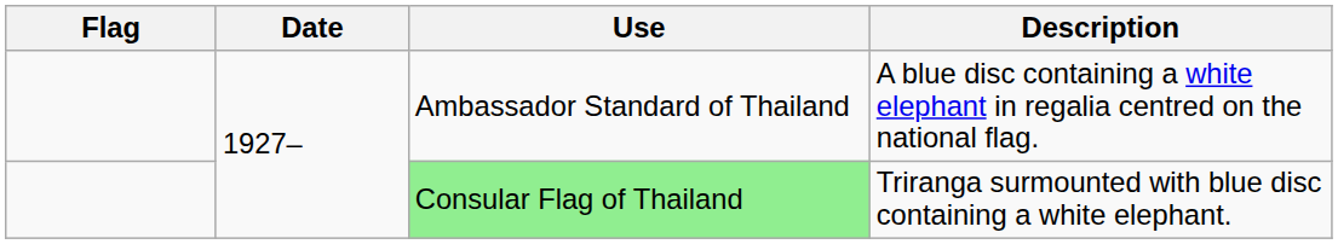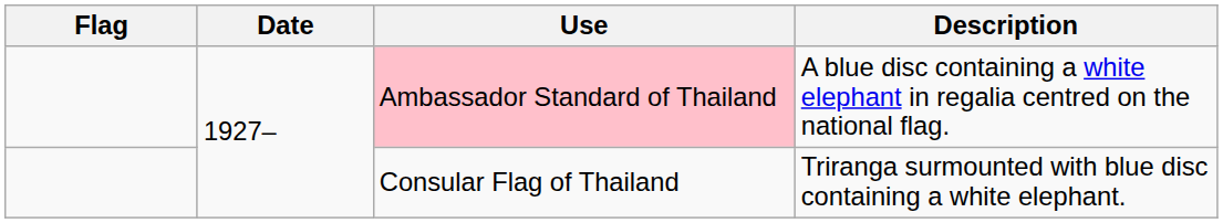 <table class="wikitable">
 <tr>
 <th width="110">Flag</th>
 <th width="100">Date</th>
 <th width="250">Use</th>
 <th width="250">Description</th>
 </tr>
 <tr>
 <td></td>
 <td rowspan="2">1927–</td>
-<td>Ambassador Standard of Thailand</td>
+<td style="background: pink;">Ambassador Standard of Thailand</td>
 <td>A blue disc containing a <a href='#'>white elephant</a> in regalia centred on the national flag.</td>
 </tr>
 <tr>
 <td></td>
-<td style="background: lightgreen;">Consular Flag of Thailand</td>
+<td>Consular Flag of Thailand</td>
 <td>Triranga surmounted with blue disc containing a white elephant.</td>
 </tr>
 </table>
